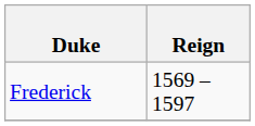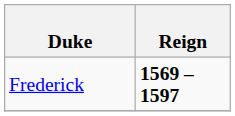 <table class="wikitable">
 <tr>
 <th width=100px><br>Duke</th>
 <th width=70px><br>Reign</th>
 </tr>
 <tr>
 <td><a href='#'>Frederick</a></td>
-<td>1569 – 1597</td>
+<td><strong>1569 – 1597</strong></td>
 </tr>
 <tr>
 </tr>
 </table>
